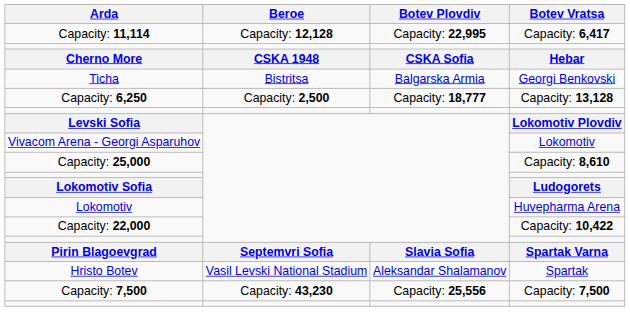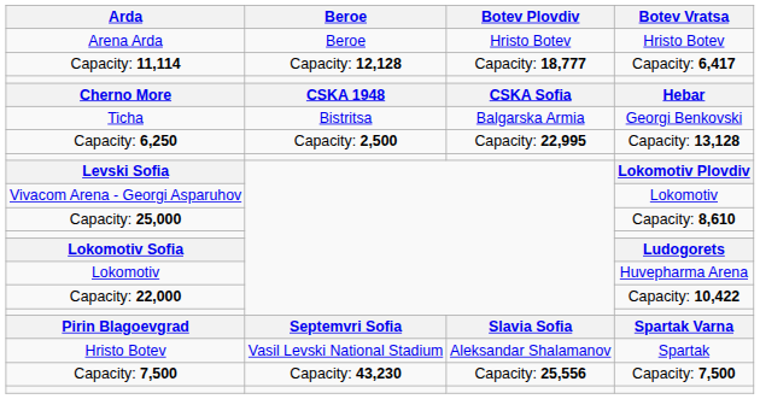 <table class="wikitable" style="text-align:center; margin:0.5em auto;">
 <tr>
 <th><a href='#'>Arda</a></th>
 <th><a href='#'>Beroe</a></th>
 <th><a href='#'>Botev Plovdiv</a></th>
 <th><a href='#'>Botev Vratsa</a></th>
 </tr>
 <tr>
+<td><a href='#'>Arena Arda</a></td>
+<td><a href='#'>Beroe</a></td>
+<td><a href='#'>Hristo Botev</a></td>
+<td><a href='#'>Hristo Botev</a></td>
+</tr>
+<tr>
 <td>Capacity: <strong>11,114</strong></td>
 <td>Capacity: <strong>12,128</strong></td>
-<td>Capacity: <strong>22,995</strong></td>
+<td>Capacity: <strong>18,777</strong></td>
 <td>Capacity: <strong>6,417</strong></td>
 </tr>
 <tr>
 <td></td>
 <td></td>
 <td></td>
 <td></td>
 </tr>
 <tr>
 <th><a href='#'>Cherno More</a></th>
 <th><a href='#'>CSKA 1948</a></th>
 <th><a href='#'>CSKA Sofia</a></th>
 <th><a href='#'>Hebar</a></th>
 </tr>
 <tr>
 <td><a href='#'>Ticha</a></td>
 <td><a href='#'>Bistritsa</a></td>
 <td><a href='#'>Balgarska Armia</a></td>
 <td><a href='#'>Georgi Benkovski</a></td>
 </tr>
 <tr>
 <td>Capacity: <strong>6,250</strong></td>
 <td>Capacity: <strong>2,500</strong></td>
-<td>Capacity: <strong>18,777</strong></td>
+<td>Capacity: <strong>22,995</strong></td>
 <td>Capacity: <strong>13,128</strong></td>
 </tr>
 <tr>
 <td></td>
 <td></td>
 <td></td>
 <td></td>
 </tr>
 <tr>
 <th><a href='#'>Levski Sofia</a></th>
 <td colspan="2" rowspan="8"><br> </td>
 <th><a href='#'>Lokomotiv Plovdiv</a></th>
 </tr>
 <tr>
 <td><a href='#'>Vivacom Arena - Georgi Asparuhov</a></td>
 <td><a href='#'>Lokomotiv</a></td>
 </tr>
 <tr>
 <td>Capacity: <strong>25,000</strong></td>
 <td>Capacity: <strong>8,610</strong></td>
 </tr>
 <tr>
 <td></td>
 <td></td>
 </tr>
 <tr>
 <th><a href='#'>Lokomotiv Sofia</a></th>
 <th><a href='#'>Ludogorets</a></th>
 </tr>
 <tr>
 <td><a href='#'>Lokomotiv</a></td>
 <td><a href='#'>Huvepharma Arena</a></td>
 </tr>
 <tr>
 <td>Capacity: <strong>22,000</strong></td>
 <td>Capacity: <strong>10,422</strong></td>
 </tr>
 <tr>
 <td></td>
 <td></td>
 </tr>
 <tr>
 <th><a href='#'>Pirin Blagoevgrad</a></th>
 <th><a href='#'>Septemvri Sofia</a></th>
 <th><a href='#'>Slavia Sofia</a></th>
 <th><a href='#'>Spartak Varna</a></th>
 </tr>
 <tr>
 <td><a href='#'>Hristo Botev</a></td>
 <td><a href='#'>Vasil Levski National Stadium</a></td>
 <td><a href='#'>Aleksandar Shalamanov</a></td>
 <td><a href='#'>Spartak</a></td>
 </tr>
 <tr>
 <td>Capacity: <strong>7,500</strong></td>
 <td>Capacity: <strong>43,230</strong></td>
 <td>Capacity: <strong>25,556</strong></td>
 <td>Capacity: <strong>7,500</strong></td>
 </tr>
 <tr>
 <td></td>
 <td></td>
 <td></td>
 <td></td>
 </tr>
 </table>
